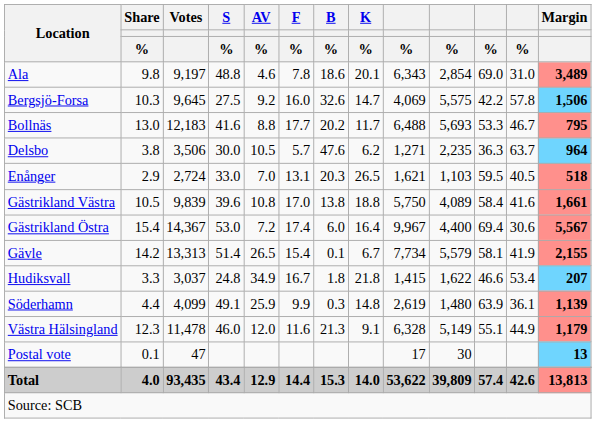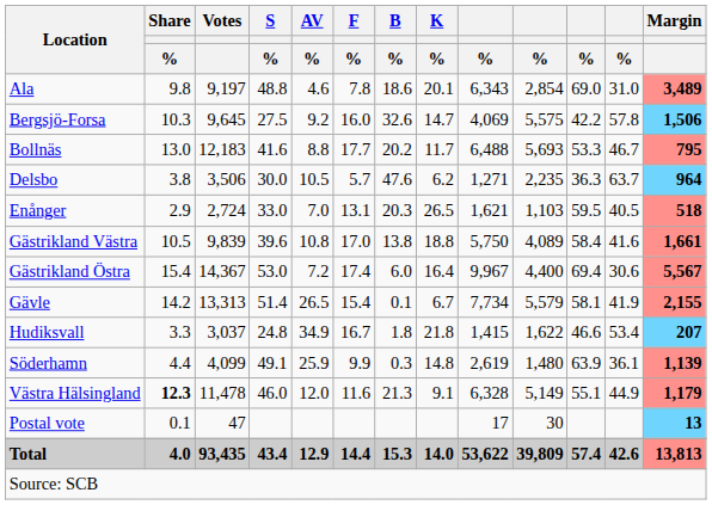 <table class="wikitable sortable" style="text-align:right; font-size:95%; line-height:20px;">
 <tr>
 <th rowspan="3">Location</th>
 <th>Share</th>
 <th>Votes</th>
 <th width="30px" class="unsortable"><a href='#'>S</a></th>
 <th width="30px" class="unsortable"><a href='#'>AV</a></th>
 <th width="30px" class="unsortable"><a href='#'>F</a></th>
 <th width="30px" class="unsortable"><a href='#'>B</a></th>
 <th width="30px" class="unsortable"><a href='#'>K</a></th>
 <th></th>
 <th></th>
 <th></th>
 <th></th>
 <th>Margin</th>
 </tr>
 <tr>
 <th></th>
 <th></th>
 <th style="background:"></th>
 <th style="background:"></th>
 <th style="background:"></th>
 <th style="background:"></th>
 <th style="background:"></th>
 <th style="background:"></th>
 <th style="background:"></th>
 <th style="background:"></th>
 <th style="background:"></th>
 <th></th>
 </tr>
 <tr>
 <th data-sort-type="number">%</th>
 <th></th>
 <th data-sort-type="number">%</th>
 <th data-sort-type="number">%</th>
 <th data-sort-type="number">%</th>
 <th data-sort-type="number">%</th>
 <th data-sort-type="number">%</th>
 <th data-sort-type="number">%</th>
 <th data-sort-type="number">%</th>
 <th data-sort-type="number">%</th>
 <th data-sort-type="number">%</th>
 <th></th>
 </tr>
 <tr>
 <td align=left><a href='#'>Ala</a></td>
 <td>9.8</td>
 <td>9,197</td>
 <td>48.8</td>
 <td>4.6</td>
 <td>7.8</td>
 <td>18.6</td>
 <td>20.1</td>
 <td>6,343</td>
 <td>2,854</td>
 <td>69.0</td>
 <td>31.0</td>
 <td bgcolor=#ff908c><strong>3,489</strong></td>
 </tr>
 <tr>
 <td align=left><a href='#'>Bergsjö-Forsa</a></td>
 <td>10.3</td>
 <td>9,645</td>
 <td>27.5</td>
 <td>9.2</td>
 <td>16.0</td>
 <td>32.6</td>
 <td>14.7</td>
 <td>4,069</td>
 <td>5,575</td>
 <td>42.2</td>
 <td>57.8</td>
 <td bgcolor=#6fd5fe><strong>1,506</strong></td>
 </tr>
 <tr>
 <td align=left><a href='#'>Bollnäs</a></td>
 <td>13.0</td>
 <td>12,183</td>
 <td>41.6</td>
 <td>8.8</td>
 <td>17.7</td>
 <td>20.2</td>
 <td>11.7</td>
 <td>6,488</td>
 <td>5,693</td>
 <td>53.3</td>
 <td>46.7</td>
 <td bgcolor=#ff908c><strong>795</strong></td>
 </tr>
 <tr>
 <td align=left><a href='#'>Delsbo</a></td>
 <td>3.8</td>
 <td>3,506</td>
 <td>30.0</td>
 <td>10.5</td>
 <td>5.7</td>
 <td>47.6</td>
 <td>6.2</td>
 <td>1,271</td>
 <td>2,235</td>
 <td>36.3</td>
 <td>63.7</td>
 <td bgcolor=#6fd5fe><strong>964</strong></td>
 </tr>
 <tr>
 <td align=left><a href='#'>Enånger</a></td>
 <td>2.9</td>
 <td>2,724</td>
 <td>33.0</td>
 <td>7.0</td>
 <td>13.1</td>
 <td>20.3</td>
 <td>26.5</td>
 <td>1,621</td>
 <td>1,103</td>
 <td>59.5</td>
 <td>40.5</td>
 <td bgcolor=#ff908c><strong>518</strong></td>
 </tr>
 <tr>
 <td align=left><a href='#'>Gästrikland Västra</a></td>
 <td>10.5</td>
 <td>9,839</td>
 <td>39.6</td>
 <td>10.8</td>
 <td>17.0</td>
 <td>13.8</td>
 <td>18.8</td>
 <td>5,750</td>
 <td>4,089</td>
 <td>58.4</td>
 <td>41.6</td>
 <td bgcolor=#ff908c><strong>1,661</strong></td>
 </tr>
 <tr>
 <td align=left><a href='#'>Gästrikland Östra</a></td>
 <td>15.4</td>
 <td>14,367</td>
 <td>53.0</td>
 <td>7.2</td>
 <td>17.4</td>
 <td>6.0</td>
 <td>16.4</td>
 <td>9,967</td>
 <td>4,400</td>
 <td>69.4</td>
 <td>30.6</td>
 <td bgcolor=#ff908c><strong>5,567</strong></td>
 </tr>
 <tr>
 <td align=left><a href='#'>Gävle</a></td>
 <td>14.2</td>
 <td>13,313</td>
 <td>51.4</td>
 <td>26.5</td>
 <td>15.4</td>
 <td>0.1</td>
 <td>6.7</td>
 <td>7,734</td>
 <td>5,579</td>
 <td>58.1</td>
 <td>41.9</td>
 <td bgcolor=#ff908c><strong>2,155</strong></td>
 </tr>
 <tr>
 <td align=left><a href='#'>Hudiksvall</a></td>
 <td>3.3</td>
 <td>3,037</td>
 <td>24.8</td>
 <td>34.9</td>
 <td>16.7</td>
 <td>1.8</td>
 <td>21.8</td>
 <td>1,415</td>
 <td>1,622</td>
 <td>46.6</td>
 <td>53.4</td>
 <td bgcolor=#6fd5fe><strong>207</strong></td>
 </tr>
 <tr>
 <td align=left><a href='#'>Söderhamn</a></td>
 <td>4.4</td>
 <td>4,099</td>
 <td>49.1</td>
 <td>25.9</td>
 <td>9.9</td>
 <td>0.3</td>
 <td>14.8</td>
 <td>2,619</td>
 <td>1,480</td>
 <td>63.9</td>
 <td>36.1</td>
 <td bgcolor=#ff908c><strong>1,139</strong></td>
 </tr>
 <tr>
 <td align=left><a href='#'>Västra Hälsingland</a></td>
-<td>12.3</td>
+<td><strong>12.3</strong></td>
 <td>11,478</td>
 <td>46.0</td>
 <td>12.0</td>
 <td>11.6</td>
 <td>21.3</td>
 <td>9.1</td>
 <td>6,328</td>
 <td>5,149</td>
 <td>55.1</td>
 <td>44.9</td>
 <td bgcolor=#ff908c><strong>1,179</strong></td>
 </tr>
 <tr>
 <td align=left><a href='#'>Postal vote</a></td>
 <td>0.1</td>
 <td>47</td>
 <td></td>
 <td></td>
 <td></td>
 <td></td>
 <td></td>
 <td>17</td>
 <td>30</td>
 <td></td>
 <td></td>
 <td bgcolor=#6fd5fe><strong>13</strong></td>
 </tr>
 <tr>
 </tr>
 <tr style="background:#CDCDCD;">
 <td align=left><strong>Total</strong></td>
 <td><strong>4.0</strong></td>
 <td><strong>93,435</strong></td>
 <td><strong>43.4</strong></td>
 <td><strong>12.9</strong></td>
 <td><strong>14.4</strong></td>
 <td><strong>15.3</strong></td>
 <td><strong>14.0</strong></td>
 <td><strong>53,622</strong></td>
 <td><strong>39,809</strong></td>
 <td><strong>57.4</strong></td>
 <td><strong>42.6</strong></td>
 <td bgcolor=#ff908c><strong>13,813</strong></td>
 </tr>
 <tr>
 <td align=left colspan=13>Source: SCB </td>
 </tr>
 </table>
